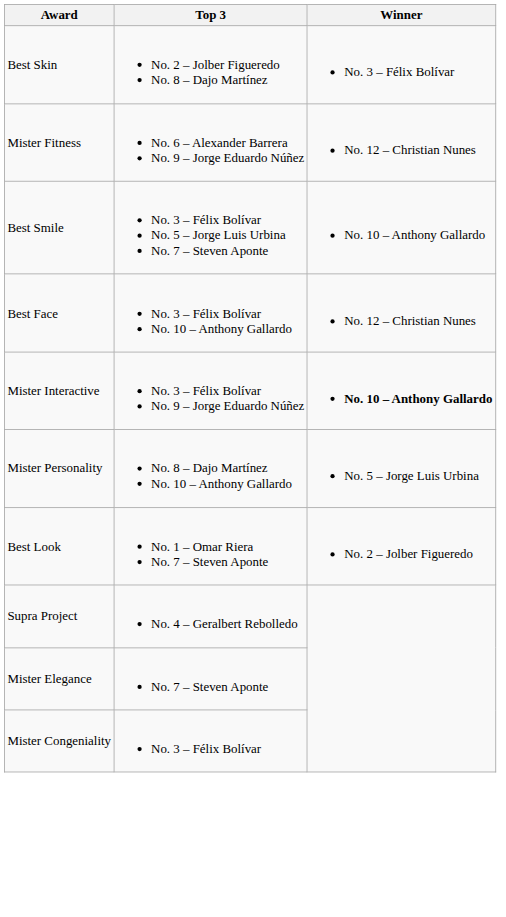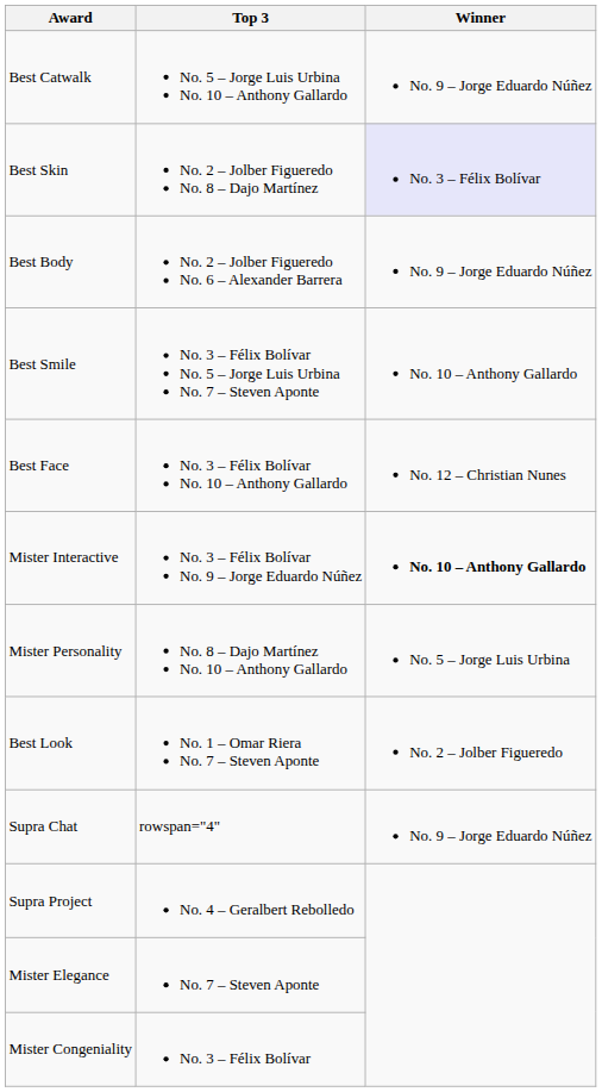 <table class="wikitable sortable" style="font-size: 95%;">
 <tr>
 <th>Award</th>
 <th>Top 3</th>
 <th>Winner</th>
 </tr>
 <tr>
+<td>Best Catwalk</td>
+<td><br><ul><li>No. 5 – Jorge Luis Urbina</li><li>No. 10 – Anthony Gallardo</li></ul></td>
+<td><br><ul><li>No. 9 – Jorge Eduardo Núñez</li></ul></td>
+</tr>
+<tr>
 <td>Best Skin</td>
 <td><br><ul><li>No. 2 – Jolber Figueredo</li><li>No. 8 – Dajo Martínez</li></ul></td>
-<td><br><ul><li>No. 3 – Félix Bolívar</li></ul></td>
+<td style="background: lavender;"><br><ul><li>No. 3 – Félix Bolívar</li></ul></td>
 </tr>
 <tr>
-<td>Mister Fitness</td>
-<td><br><ul><li>No. 6 – Alexander Barrera</li><li>No. 9 – Jorge Eduardo Núñez</li></ul></td>
-<td><br><ul><li>No. 12 – Christian Nunes</li></ul></td>
+<td>Best Body</td>
+<td><br><ul><li>No. 2 – Jolber Figueredo</li><li>No. 6 – Alexander Barrera</li></ul></td>
+<td><br><ul><li>No. 9 – Jorge Eduardo Núñez</li></ul></td>
 </tr>
 <tr>
 <td>Best Smile</td>
 <td><br><ul><li>No. 3 – Félix Bolívar</li><li>No. 5 – Jorge Luis Urbina</li><li>No. 7 – Steven Aponte</li></ul></td>
 <td><br><ul><li>No. 10 – Anthony Gallardo</li></ul></td>
 </tr>
 <tr>
 <td>Best Face</td>
 <td><br><ul><li>No. 3 – Félix Bolívar</li><li>No. 10 – Anthony Gallardo</li></ul></td>
 <td><br><ul><li>No. 12 – Christian Nunes</li></ul></td>
 </tr>
 <tr>
 <td>Mister Interactive</td>
 <td><br><ul><li>No. 3 – Félix Bolívar</li><li>No. 9 – Jorge Eduardo Núñez</li></ul></td>
 <td><strong><br><ul><li>No. 10 – Anthony Gallardo</li></ul></strong></td>
 </tr>
 <tr>
 <td>Mister Personality</td>
 <td><br><ul><li>No. 8 – Dajo Martínez</li><li>No. 10 – Anthony Gallardo</li></ul></td>
 <td><br><ul><li>No. 5 – Jorge Luis Urbina</li></ul></td>
 </tr>
 <tr>
 <td>Best Look</td>
 <td><br><ul><li>No. 1 – Omar Riera</li><li>No. 7 – Steven Aponte</li></ul></td>
 <td><br><ul><li>No. 2 – Jolber Figueredo</li></ul></td>
 </tr>
 <tr>
+<td>Supra Chat</td>
+<td>rowspan="4" </td>
+<td><br><ul><li>No. 9 – Jorge Eduardo Núñez</li></ul></td>
+</tr>
+<tr>
 <td>Supra Project</td>
 <td><br><ul><li>No. 4 – Geralbert Rebolledo</li></ul></td>
 </tr>
 <tr>
 <td>Mister Elegance</td>
 <td><br><ul><li>No. 7 – Steven Aponte</li></ul></td>
 </tr>
 <tr>
 <td>Mister Congeniality</td>
 <td><br><ul><li>No. 3 – Félix Bolívar</li></ul></td>
 </tr>
 </table>
